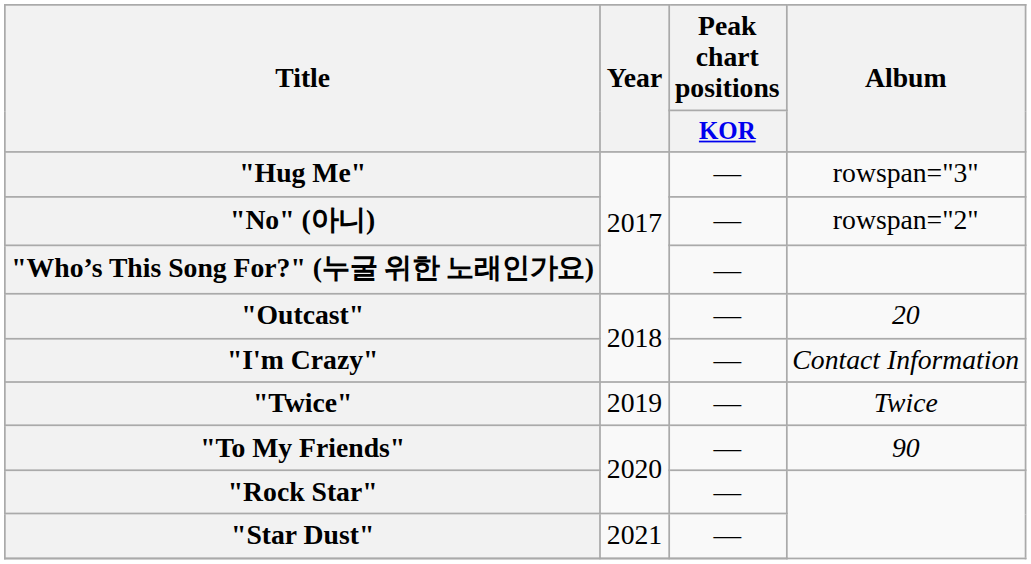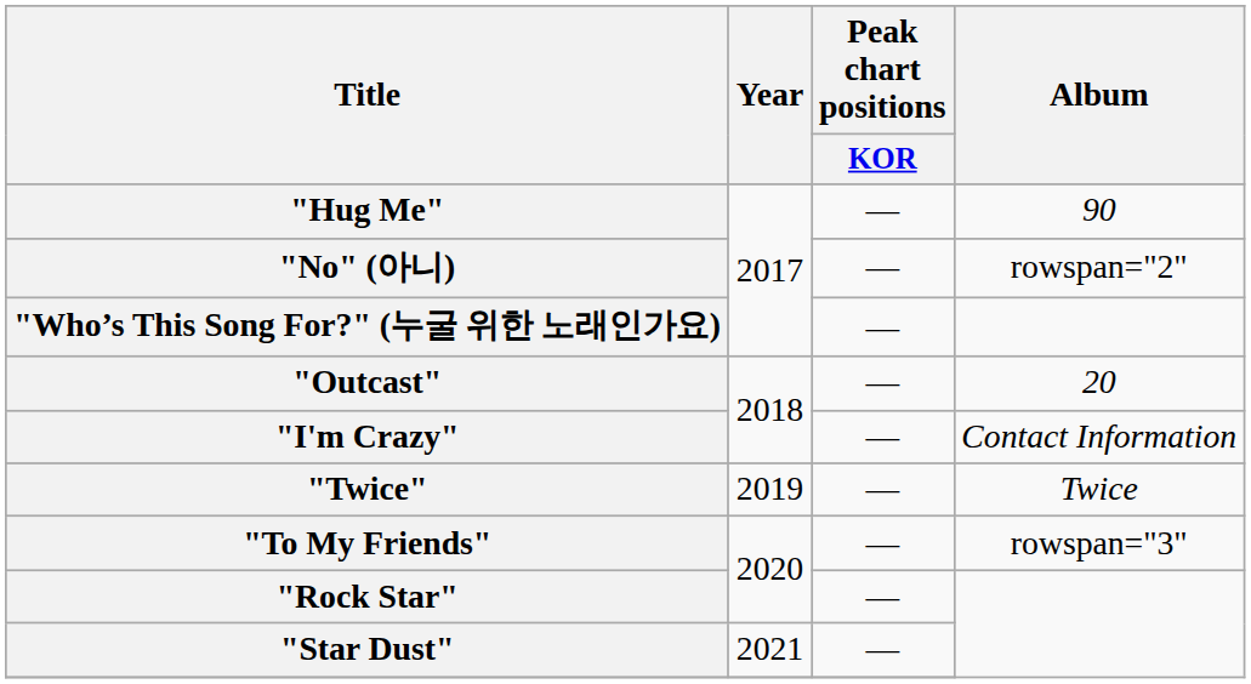 <table class="wikitable plainrowheaders" style="text-align:center;">
 <tr>
 <th scope="col" rowspan="2">Title</th>
 <th scope="col" rowspan="2">Year</th>
 <th scope="col" colspan="1">Peak chart <br> positions</th>
 <th scope="col" rowspan="2">Album</th>
 </tr>
 <tr>
 <th scope="col" style="width:3.5em;font-size:90%;"><a href='#'>KOR</a><br></th>
 </tr>
 <tr>
 <th scope="row">"Hug Me"</th>
 <td rowspan="3">2017</td>
 <td>—</td>
-<td>rowspan="3" </td>
+<td><em>90</em></td>
 </tr>
 <tr>
 <th scope="row">"No" (아니)</th>
 <td>—</td>
 <td>rowspan="2" </td>
 </tr>
 <tr>
 <th scope="row">"Who’s This Song For?" (누굴 위한 노래인가요)</th>
 <td>—</td>
 </tr>
 <tr>
 <th scope="row">"Outcast"</th>
 <td rowspan="2">2018</td>
 <td>—</td>
 <td><em>20</em></td>
 </tr>
 <tr>
 <th scope="row">"I'm Crazy"</th>
 <td>—</td>
 <td><em>Contact Information</em></td>
 </tr>
 <tr>
 <th scope="row">"Twice"</th>
 <td>2019</td>
 <td>—</td>
 <td><em>Twice</em></td>
 </tr>
 <tr>
 <th scope="row">"To My Friends"</th>
 <td rowspan="2">2020</td>
 <td>—</td>
-<td><em>90</em></td>
+<td>rowspan="3" </td>
 </tr>
 <tr>
 <th scope="row">"Rock Star"</th>
 <td>—</td>
 </tr>
 <tr>
 <th scope="row">"Star Dust"</th>
 <td>2021</td>
 <td>—</td>
 </tr>
 <tr>
 </tr>
 </table>
